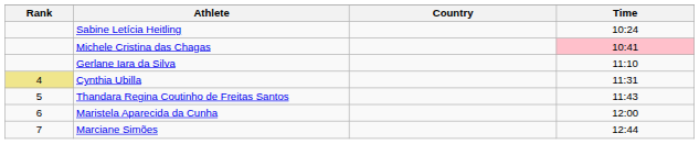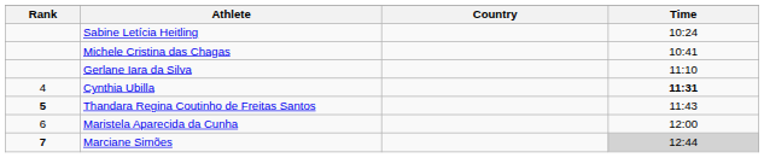 <table class="wikitable sortable" style=" text-align:center; font-size:95%;" width="50%">
 <tr>
 </tr>
 <tr>
 <th width=5%>Rank</th>
 <th width=20%>Athlete</th>
 <th width=15%>Country</th>
 <th width=10%>Time</th>
 </tr>
 <tr>
 <td align=center></td>
 <td align=left><a href='#'>Sabine Letícia Heitling</a></td>
 <td align=left></td>
 <td>10:24</td>
 </tr>
 <tr>
 <td align=center></td>
 <td align=left><a href='#'>Michele Cristina das Chagas</a></td>
 <td align=left></td>
-<td style="background: pink;">10:41</td>
+<td>10:41</td>
 </tr>
 <tr>
 <td align=center></td>
 <td align=left><a href='#'>Gerlane Iara da Silva</a></td>
 <td align=left></td>
 <td>11:10</td>
 </tr>
 <tr>
-<td align=center style="background: khaki;">4</td>
+<td align=center>4</td>
 <td align=left><a href='#'>Cynthia Ubilla</a></td>
 <td align=left></td>
-<td>11:31</td>
+<td><strong>11:31</strong></td>
 </tr>
 <tr>
-<td align=center>5</td>
+<td align=center><strong>5</strong></td>
 <td align=left><a href='#'>Thandara Regina Coutinho de Freitas Santos</a></td>
 <td align=left></td>
 <td>11:43</td>
 </tr>
 <tr>
 <td align=center>6</td>
 <td align=left><a href='#'>Maristela Aparecida da Cunha</a></td>
 <td align=left></td>
 <td>12:00</td>
 </tr>
 <tr>
-<td align=center>7</td>
+<td align=center><strong>7</strong></td>
 <td align=left><a href='#'>Marciane Simões</a></td>
 <td align=left></td>
-<td>12:44</td>
+<td style="background: lightgrey;">12:44</td>
 </tr>
 </table>
